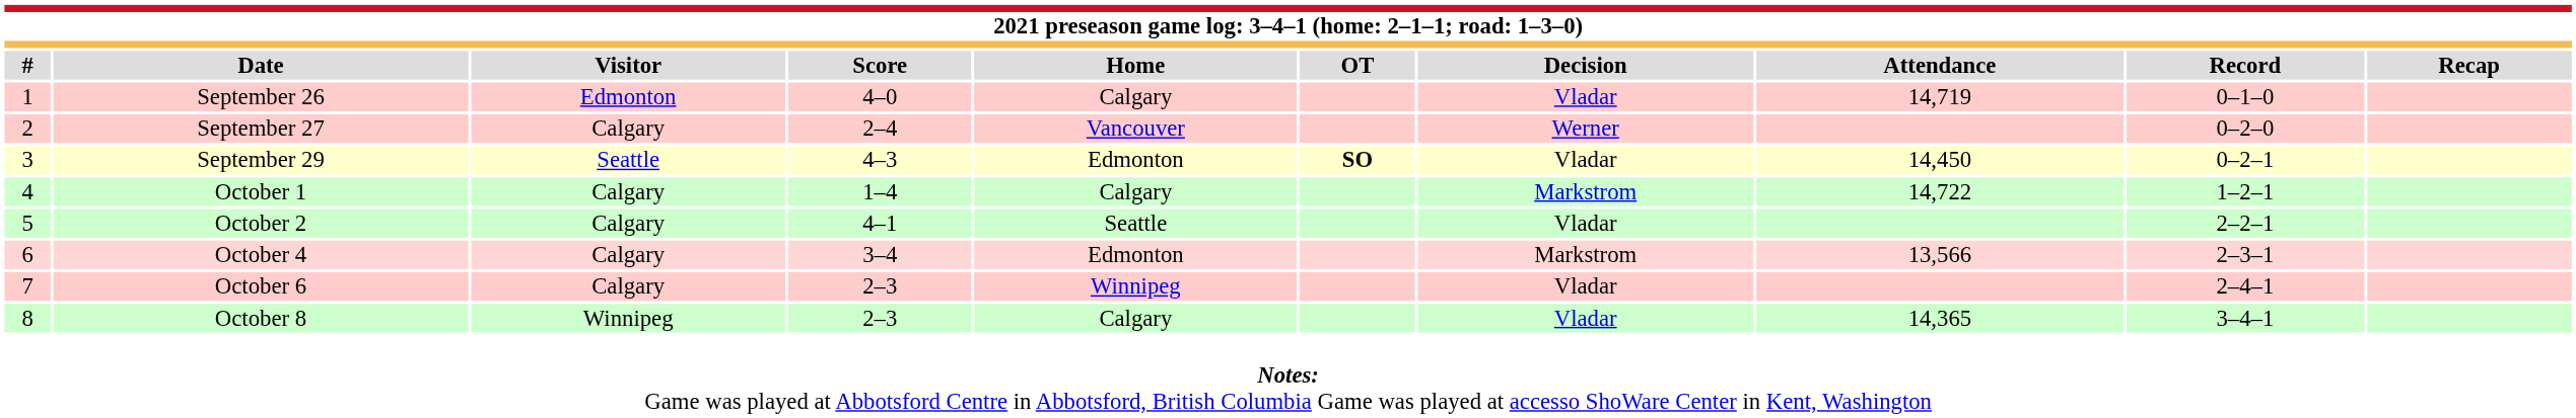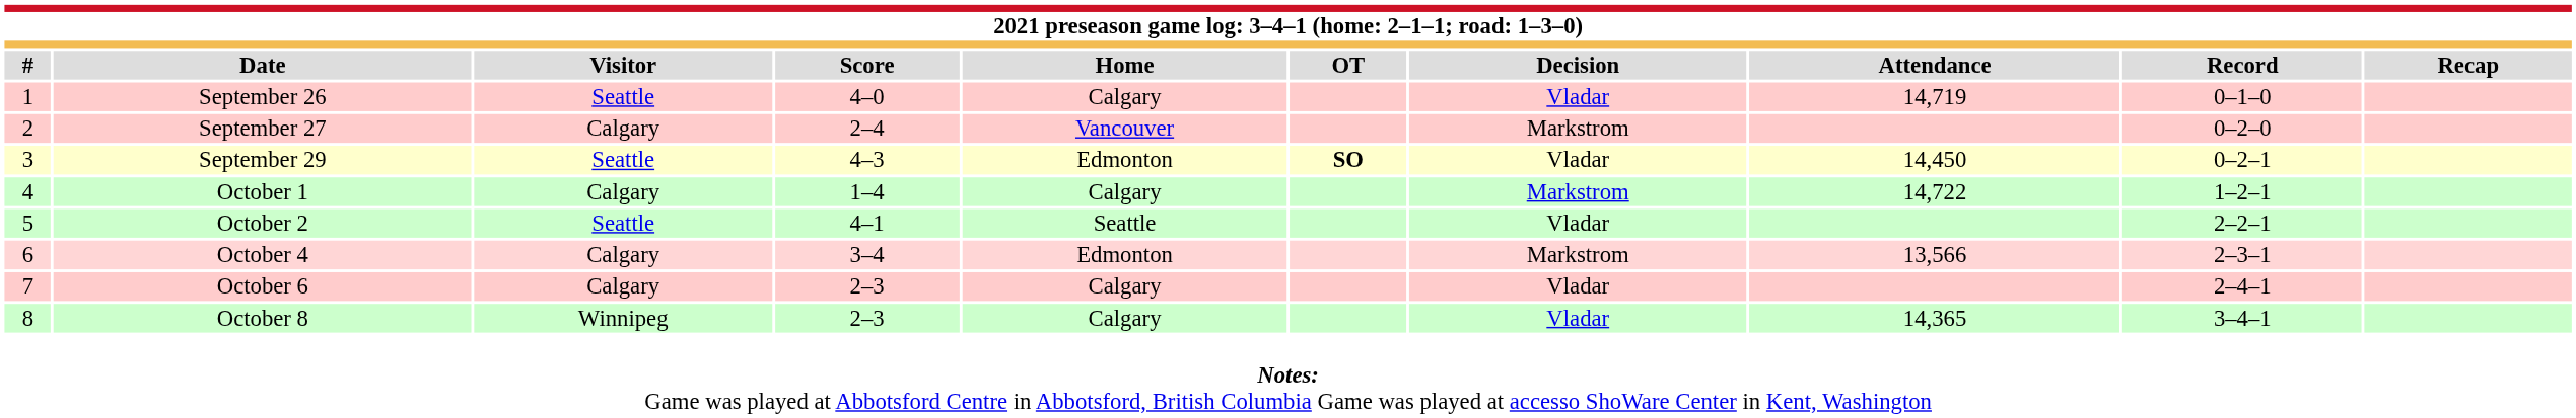 <table class="toccolours collapsible collapsed" style="width:90%; clear:both; margin:1.5em auto; text-align:center;">
 <tr>
 <th colspan="10" style="background:#FFFFFF; border-top:#CE1126 5px solid; border-bottom:#F3BC52 5px solid;">2021 preseason game log: 3–4–1 (home: 2–1–1; road: 1–3–0)</th>
 </tr>
 <tr style="background:#ddd;">
 <th>#</th>
 <th>Date</th>
 <th>Visitor</th>
 <th>Score</th>
 <th>Home</th>
 <th>OT</th>
 <th>Decision</th>
 <th>Attendance</th>
 <th>Record</th>
 <th>Recap</th>
 </tr>
 <tr style="background:#fcc;">
 <td>1</td>
 <td>September 26</td>
-<td><a href='#'>Edmonton</a></td>
+<td><a href='#'>Seattle</a></td>
 <td>4–0</td>
 <td>Calgary</td>
 <td></td>
 <td><a href='#'>Vladar</a></td>
 <td>14,719</td>
 <td>0–1–0</td>
 <td></td>
 </tr>
 <tr style="background:#fcc;">
 <td>2</td>
 <td>September 27</td>
 <td>Calgary</td>
 <td>2–4</td>
 <td><a href='#'>Vancouver</a></td>
 <td></td>
-<td><a href='#'>Werner</a></td>
+<td>Markstrom</td>
 <td></td>
 <td>0–2–0</td>
 <td></td>
 </tr>
 <tr style="background:#ffc;">
 <td>3</td>
 <td>September 29</td>
 <td><a href='#'>Seattle</a></td>
 <td>4–3</td>
 <td>Edmonton</td>
 <td><strong>SO</strong></td>
 <td>Vladar</td>
 <td>14,450</td>
 <td>0–2–1</td>
 <td></td>
 </tr>
 <tr style="background:#cfc;">
 <td>4</td>
 <td>October 1</td>
 <td>Calgary</td>
 <td>1–4</td>
 <td>Calgary</td>
 <td></td>
 <td><a href='#'>Markstrom</a></td>
 <td>14,722</td>
 <td>1–2–1</td>
 <td></td>
 </tr>
 <tr style="background:#cfc;">
 <td>5</td>
 <td>October 2</td>
-<td>Calgary</td>
+<td><a href='#'>Seattle</a></td>
 <td>4–1</td>
 <td>Seattle</td>
 <td></td>
 <td>Vladar</td>
 <td></td>
 <td>2–2–1</td>
 <td></td>
 </tr>
 <tr style="background:#fccc;">
 <td>6</td>
 <td>October 4</td>
 <td>Calgary</td>
 <td>3–4</td>
 <td>Edmonton</td>
 <td></td>
 <td>Markstrom</td>
 <td>13,566</td>
 <td>2–3–1</td>
 <td></td>
 </tr>
 <tr style="background:#fcc;">
 <td>7</td>
 <td>October 6</td>
 <td>Calgary</td>
 <td>2–3</td>
-<td><a href='#'>Winnipeg</a></td>
+<td>Calgary</td>
 <td></td>
 <td>Vladar</td>
 <td></td>
 <td>2–4–1</td>
 <td></td>
 </tr>
 <tr style="background:#cfc;">
 <td>8</td>
 <td>October 8</td>
 <td>Winnipeg</td>
 <td>2–3</td>
 <td>Calgary</td>
 <td></td>
 <td><a href='#'>Vladar</a></td>
 <td>14,365</td>
 <td>3–4–1</td>
 <td></td>
 </tr>
 <tr>
 <td colspan="10" style="text-align:center;"><br><strong><em>Notes:</em></strong><br>  Game was played at <a href='#'>Abbotsford Centre</a> in <a href='#'>Abbotsford, British Columbia</a>  Game was played at <a href='#'>accesso ShoWare Center</a> in <a href='#'>Kent, Washington</a></td>
 </tr>
 </table>
